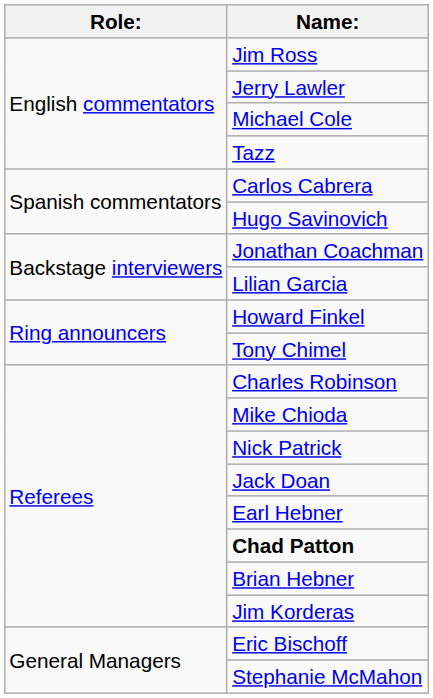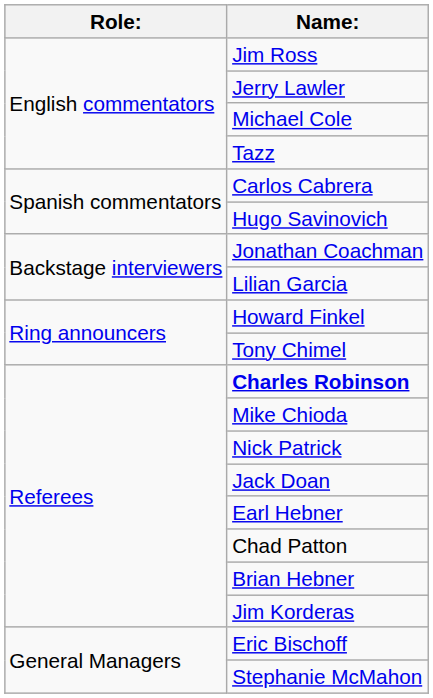 <table class=wikitable style="font-size:90%; margin: 0.5em 0 0.5em 1em; float: right; clear: right;">
 <tr>
 <th>Role:</th>
 <th>Name:</th>
 </tr>
 <tr>
 <td rowspan=4>English <a href='#'>commentators</a></td>
 <td><a href='#'>Jim Ross</a> </td>
 </tr>
 <tr>
 <td><a href='#'>Jerry Lawler</a> </td>
 </tr>
 <tr>
 <td><a href='#'>Michael Cole</a> </td>
 </tr>
 <tr>
 <td><a href='#'>Tazz</a> </td>
 </tr>
 <tr>
 <td rowspan=2>Spanish commentators</td>
 <td><a href='#'>Carlos Cabrera</a></td>
 </tr>
 <tr>
 <td><a href='#'>Hugo Savinovich</a></td>
 </tr>
 <tr>
 <td rowspan=2>Backstage <a href='#'>interviewers</a></td>
 <td><a href='#'>Jonathan Coachman</a></td>
 </tr>
 <tr>
 <td><a href='#'>Lilian Garcia</a></td>
 </tr>
 <tr>
 <td rowspan=2><a href='#'>Ring announcers</a></td>
 <td><a href='#'>Howard Finkel</a> </td>
 </tr>
 <tr>
 <td><a href='#'>Tony Chimel</a> </td>
 </tr>
 <tr>
 <td rowspan=8><a href='#'>Referees</a></td>
-<td><a href='#'>Charles Robinson</a></td>
+<td><strong><a href='#'>Charles Robinson</a></strong></td>
 </tr>
 <tr>
 <td><a href='#'>Mike Chioda</a></td>
 </tr>
 <tr>
 <td><a href='#'>Nick Patrick</a></td>
 </tr>
 <tr>
 <td><a href='#'>Jack Doan</a></td>
 </tr>
 <tr>
 <td><a href='#'>Earl Hebner</a></td>
 </tr>
 <tr>
-<td><strong>Chad Patton</strong></td>
+<td>Chad Patton</td>
 </tr>
 <tr>
 <td><a href='#'>Brian Hebner</a></td>
 </tr>
 <tr>
 <td><a href='#'>Jim Korderas</a></td>
 </tr>
 <tr>
 <td rowspan=2>General Managers</td>
 <td><a href='#'>Eric Bischoff</a> </td>
 </tr>
 <tr>
 <td><a href='#'>Stephanie McMahon</a> </td>
 </tr>
 </table>
